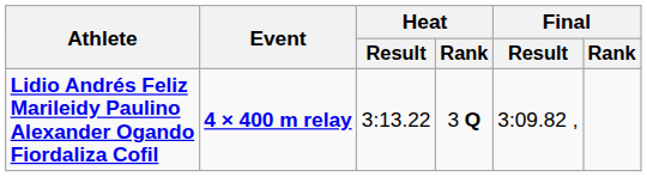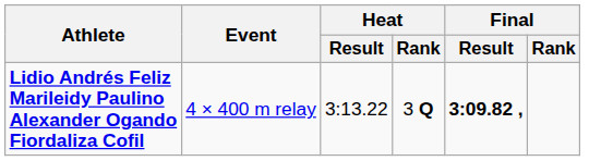 <table class=wikitable style=font-size:90%>
 <tr>
 <th rowspan=2>Athlete</th>
 <th rowspan=2>Event</th>
 <th colspan=2>Heat</th>
 <th colspan=2>Final</th>
 </tr>
 <tr style=font-size:95%>
 <th>Result</th>
 <th>Rank</th>
 <th>Result</th>
 <th>Rank</th>
 </tr>
 <tr align=center>
 <td align=left><strong><a href='#'>Lidio Andrés Feliz</a><br><a href='#'>Marileidy Paulino</a><br><a href='#'>Alexander Ogando</a><br><a href='#'>Fiordaliza Cofil</a></strong></td>
-<td align=left><strong><a href='#'>4 × 400 m relay</a></strong></td>
+<td align=left><a href='#'>4 × 400 m relay</a></td>
 <td>3:13.22 </td>
 <td>3 <strong>Q</strong></td>
-<td>3:09.82 , </td>
+<td><strong>3:09.82 , </strong></td>
 <td></td>
 </tr>
 </table>
